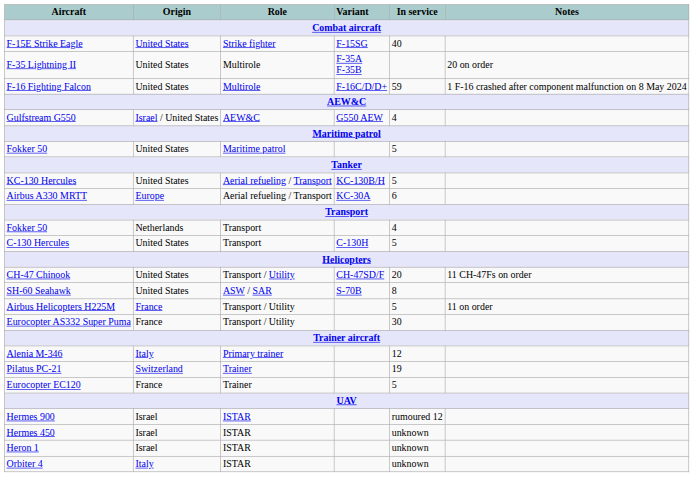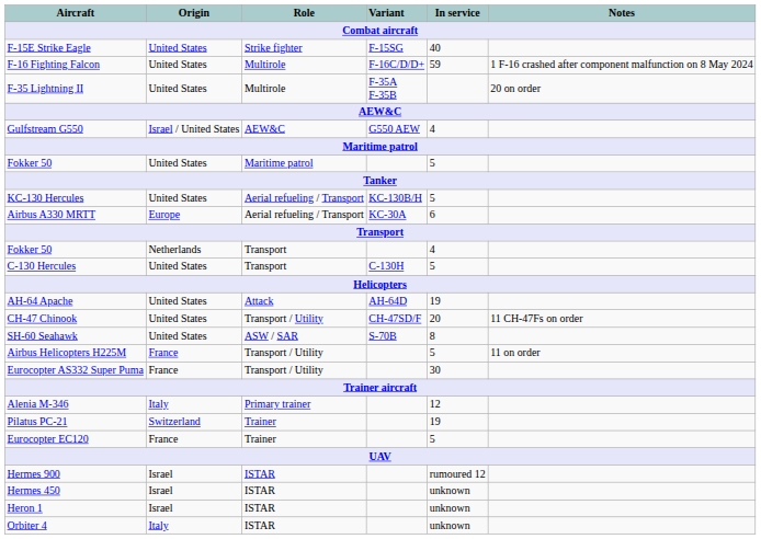 <table class="wikitable"{| class="wikitable">
 <tr>
 <th style="text-align:center; background:#acc;">Aircraft</th>
 <th style="text-align: center; background:#acc;">Origin</th>
 <th style="text-align:l center; background:#acc;">Role</th>
 <th style="text-align:left; background:#acc;">Variant</th>
 <th style="text-align:center; background:#acc;">In service</th>
 <th style="text-align: center; background:#acc;">Notes</th>
 </tr>
 <tr>
 <th colspan="6" style="align: center; background: lavender;"><a href='#'>Combat aircraft</a></th>
 </tr>
 <tr>
 <td><a href='#'>F-15E Strike Eagle</a></td>
 <td><a href='#'>United States</a></td>
 <td><a href='#'>Strike fighter</a></td>
 <td><a href='#'>F-15SG</a></td>
 <td>40</td>
 <td></td>
 </tr>
 <tr>
+<td><a href='#'>F-16 Fighting Falcon</a></td>
+<td>United States</td>
+<td><a href='#'>Multirole</a></td>
+<td><a href='#'>F-16C/D/D+</a></td>
+<td>59</td>
+<td>1 F-16 crashed after component malfunction on 8 May 2024</td>
+</tr>
+<tr>
 <td><a href='#'>F-35 Lightning II</a></td>
 <td>United States</td>
 <td>Multirole</td>
 <td><a href='#'>F-35A</a><br><a href='#'>F-35B</a></td>
 <td></td>
 <td>20 on order</td>
-</tr>
-<tr>
-<td><a href='#'>F-16 Fighting Falcon</a></td>
-<td>United States</td>
-<td><a href='#'>Multirole</a></td>
-<td><a href='#'>F-16C/D/D+</a></td>
-<td>59</td>
-<td>1 F-16 crashed after component malfunction on 8 May 2024</td>
 </tr>
 <tr>
 <th colspan="6" style="align: center; background: lavender;"><a href='#'>AEW&C</a></th>
 </tr>
 <tr>
 <td><a href='#'>Gulfstream G550</a></td>
 <td><a href='#'>Israel</a> / United States</td>
 <td><a href='#'>AEW&C</a></td>
 <td><a href='#'>G550 AEW</a></td>
 <td>4</td>
 <td></td>
 </tr>
 <tr>
 <th colspan="6" style="align: center; background: lavender;"><a href='#'>Maritime patrol</a></th>
 </tr>
 <tr>
 <td><a href='#'>Fokker 50</a></td>
 <td>United States</td>
 <td><a href='#'>Maritime patrol</a></td>
 <td></td>
 <td>5</td>
 <td></td>
 </tr>
 <tr>
 <th colspan="6" style="align: center; background: lavender;"><a href='#'>Tanker</a></th>
 </tr>
 <tr>
 <td><a href='#'>KC-130 Hercules</a></td>
 <td>United States</td>
 <td><a href='#'>Aerial refueling</a> / <a href='#'>Transport</a></td>
 <td><a href='#'>KC-130B/H</a></td>
 <td>5</td>
 <td></td>
 </tr>
 <tr>
 <td><a href='#'>Airbus A330 MRTT</a></td>
 <td><a href='#'>Europe</a></td>
 <td>Aerial refueling / Transport</td>
 <td><a href='#'>KC-30A</a></td>
 <td>6</td>
 <td></td>
 </tr>
 <tr>
 <th colspan="6" style="align: center; background: lavender;"><a href='#'>Transport</a></th>
 </tr>
 <tr>
 <td><a href='#'>Fokker 50</a></td>
 <td>Netherlands</td>
 <td>Transport</td>
 <td></td>
 <td>4</td>
 <td></td>
 </tr>
 <tr>
 <td><a href='#'>C-130 Hercules</a></td>
 <td>United States</td>
 <td>Transport</td>
 <td><a href='#'>C-130H</a></td>
 <td>5</td>
 <td></td>
 </tr>
 <tr>
 <th colspan="6" style="align: center; background: lavender;"><a href='#'>Helicopters</a></th>
+</tr>
+<tr>
+<td><a href='#'>AH-64 Apache</a></td>
+<td>United States</td>
+<td><a href='#'>Attack</a></td>
+<td><a href='#'>AH-64D</a></td>
+<td>19</td>
+<td></td>
 </tr>
 <tr>
 <td><a href='#'>CH-47 Chinook</a></td>
 <td>United States</td>
 <td>Transport / <a href='#'>Utility</a></td>
 <td><a href='#'>CH-47SD/F</a></td>
 <td>20</td>
 <td>11 CH-47Fs on order</td>
 </tr>
 <tr>
 <td><a href='#'>SH-60 Seahawk</a></td>
 <td>United States</td>
 <td><a href='#'>ASW</a> / <a href='#'>SAR</a></td>
 <td><a href='#'>S-70B</a></td>
 <td>8</td>
 <td></td>
 </tr>
 <tr>
 <td><a href='#'>Airbus Helicopters H225M</a></td>
 <td><a href='#'>France</a></td>
 <td>Transport / Utility</td>
 <td></td>
 <td>5</td>
 <td>11 on order</td>
 </tr>
 <tr>
 <td><a href='#'>Eurocopter AS332 Super Puma</a></td>
 <td>France</td>
 <td>Transport / Utility</td>
 <td></td>
 <td>30</td>
 <td></td>
 </tr>
 <tr>
 <th colspan="6" style="align: center; background: lavender;"><a href='#'>Trainer aircraft</a></th>
 </tr>
 <tr>
 <td><a href='#'>Alenia M-346</a></td>
 <td><a href='#'>Italy</a></td>
 <td><a href='#'>Primary trainer</a></td>
 <td></td>
 <td>12</td>
 <td></td>
 </tr>
 <tr>
 <td><a href='#'>Pilatus PC-21</a></td>
 <td><a href='#'>Switzerland</a></td>
 <td><a href='#'>Trainer</a></td>
 <td></td>
 <td>19</td>
 <td></td>
 </tr>
 <tr>
 <td><a href='#'>Eurocopter EC120</a></td>
 <td>France</td>
 <td>Trainer</td>
 <td></td>
 <td>5</td>
 <td></td>
 </tr>
 <tr>
 <th colspan="6" style="align: center; background: lavender;"><a href='#'>UAV</a></th>
 </tr>
 <tr>
 <td><a href='#'>Hermes 900</a></td>
 <td>Israel</td>
 <td><a href='#'>ISTAR</a></td>
 <td></td>
 <td>rumoured 12</td>
 <td></td>
 </tr>
 <tr>
 <td><a href='#'>Hermes 450</a></td>
 <td>Israel</td>
 <td>ISTAR</td>
 <td></td>
 <td>unknown</td>
 <td></td>
 </tr>
 <tr>
 <td><a href='#'>Heron 1</a></td>
 <td>Israel</td>
 <td>ISTAR</td>
 <td></td>
 <td>unknown</td>
 <td></td>
 </tr>
 <tr>
 <td><a href='#'>Orbiter 4</a></td>
 <td><a href='#'>Italy</a></td>
 <td>ISTAR</td>
 <td></td>
 <td>unknown</td>
 <td></td>
 </tr>
 </table>
